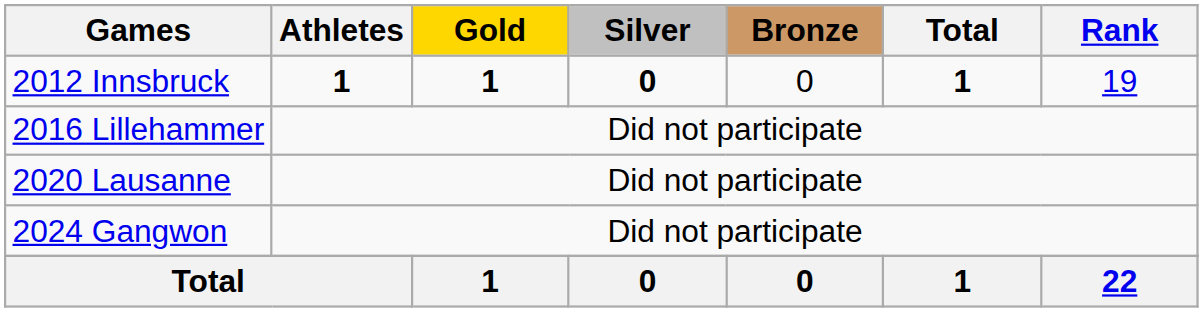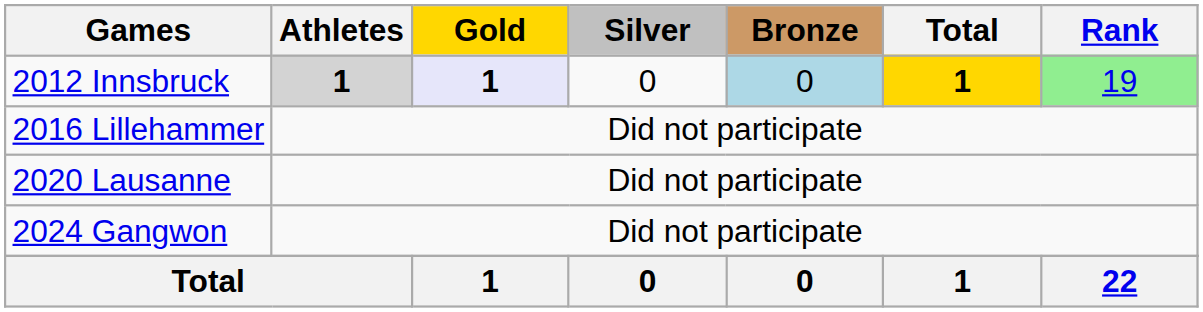 <table class="wikitable" style="text-align:center; font-size:90%;">
 <tr>
 <th>Games</th>
 <th>Athletes</th>
 <td style="background:gold; width:4.5em; font-weight:bold;">Gold</td>
 <td style="background:silver; width:4.5em; font-weight:bold;">Silver</td>
 <td style="background:#cc9966; width:4.5em; font-weight:bold;">Bronze</td>
 <th style="width:4.5em; font-weight:bold;">Total</th>
 <th style="width:4.5em; font-weight:bold;"><a href='#'>Rank</a></th>
 </tr>
 <tr>
 <td align=left> <a href='#'>2012 Innsbruck</a></td>
-<td><strong>1</strong></td>
-<td><strong>1</strong></td>
-<td><strong>0</strong></td>
+<td style="background: lightgrey;"><strong>1</strong></td>
+<td style="background: lavender;"><strong>1</strong></td>
 <td>0</td>
-<td><strong>1</strong></td>
-<td><a href='#'>19</a></td>
+<td style="background: lightblue;">0</td>
+<td style="background: gold;"><strong>1</strong></td>
+<td style="background: lightgreen;"><a href='#'>19</a></td>
 </tr>
 <tr>
 <td align=left> <a href='#'>2016 Lillehammer</a></td>
 <td colspan=6>Did not participate</td>
 </tr>
 <tr>
 <td align=left> <a href='#'>2020 Lausanne</a></td>
 <td colspan=6>Did not participate</td>
 </tr>
 <tr>
 <td align=left> <a href='#'>2024 Gangwon</a></td>
 <td colspan=6>Did not participate</td>
 </tr>
 <tr>
 </tr>
 <tr>
 <th colspan=2>Total</th>
 <th><strong>1</strong></th>
 <th>0</th>
 <th>0</th>
 <th><strong>1</strong></th>
 <th><a href='#'>22</a></th>
 </tr>
 </table>
